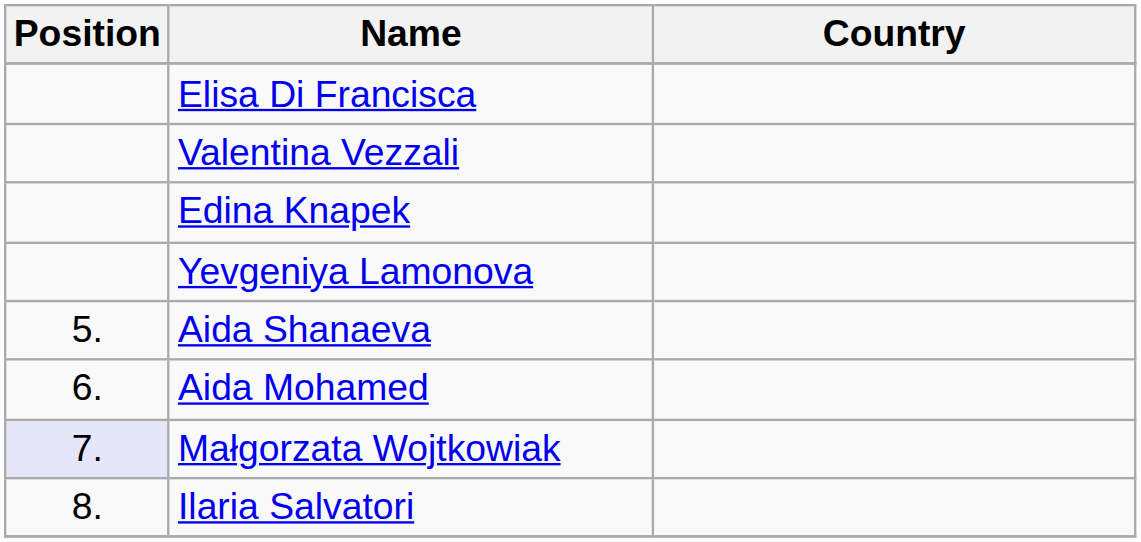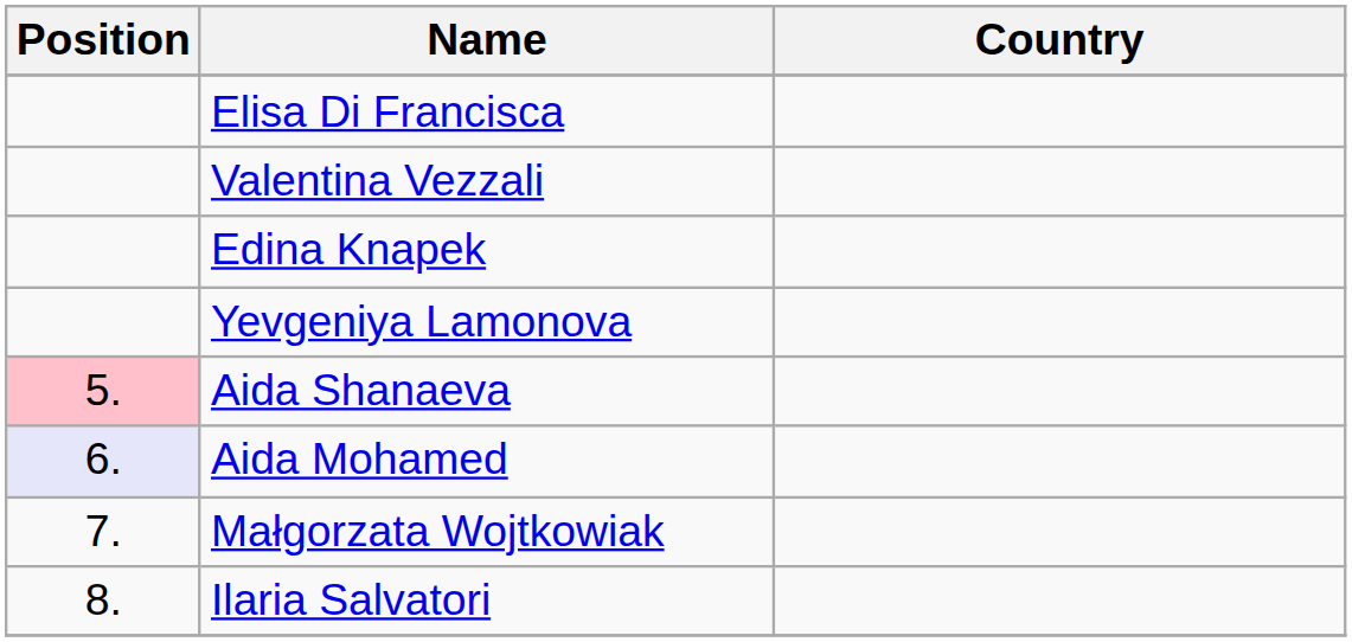 <table class="wikitable">
 <tr>
 <th width="20">Position</th>
 <th width="200">Name</th>
 <th width="200">Country</th>
 </tr>
 <tr>
 </tr>
 <tr>
 <td align="center"></td>
 <td><a href='#'>Elisa Di Francisca</a></td>
 <td></td>
 </tr>
 <tr>
 <td align="center"></td>
 <td><a href='#'>Valentina Vezzali</a></td>
 <td></td>
 </tr>
 <tr>
 <td align="center"></td>
 <td><a href='#'>Edina Knapek</a></td>
 <td></td>
 </tr>
 <tr>
 <td align="center"></td>
 <td><a href='#'>Yevgeniya Lamonova</a></td>
 <td></td>
 </tr>
 <tr>
-<td align="center">5.</td>
+<td align="center" style="background: pink;">5.</td>
 <td><a href='#'>Aida Shanaeva</a></td>
 <td></td>
 </tr>
 <tr>
-<td align="center">6.</td>
+<td align="center" style="background: lavender;">6.</td>
 <td><a href='#'>Aida Mohamed</a></td>
 <td></td>
 </tr>
 <tr>
-<td align="center" style="background: lavender;">7.</td>
+<td align="center">7.</td>
 <td><a href='#'>Małgorzata Wojtkowiak</a></td>
 <td></td>
 </tr>
 <tr>
 <td align="center">8.</td>
 <td><a href='#'>Ilaria Salvatori</a></td>
 <td></td>
 </tr>
 <tr>
 </tr>
 </table>
